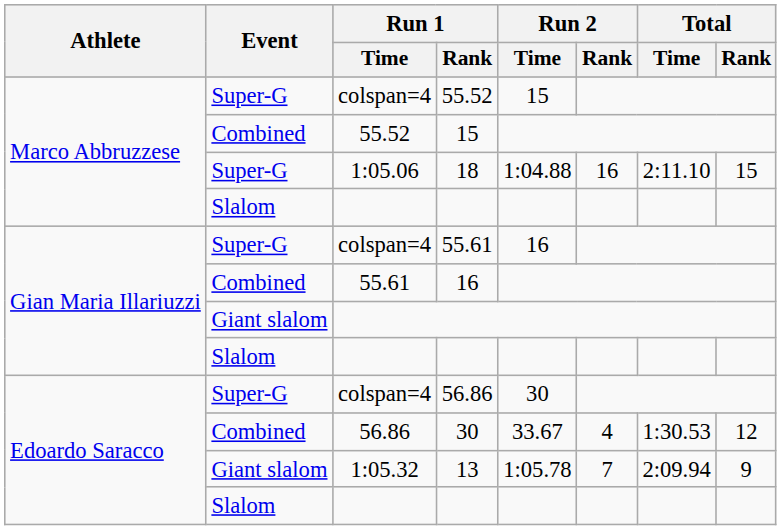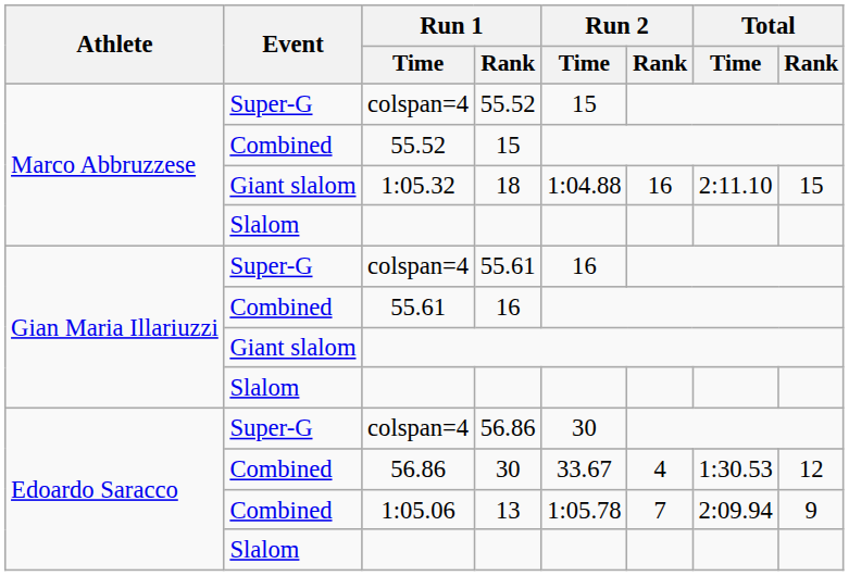 <table class="wikitable" style="font-size:90%">
 <tr>
 <th rowspan=2>Athlete</th>
 <th rowspan=2>Event</th>
 <th colspan=2>Run 1</th>
 <th colspan=2>Run 2</th>
 <th colspan=2>Total</th>
 </tr>
 <tr style="font-size:95%">
 <th>Time</th>
 <th>Rank</th>
 <th>Time</th>
 <th>Rank</th>
 <th>Time</th>
 <th>Rank</th>
 </tr>
 <tr align=center>
 <td align="left" rowspan="4"><a href='#'>Marco Abbruzzese</a></td>
 <td align="left"><a href='#'>Super-G</a></td>
 <td>colspan=4</td>
 <td>55.52</td>
 <td>15</td>
 </tr>
 <tr align=center>
 <td align="left"><a href='#'>Combined</a></td>
 <td>55.52</td>
 <td>15</td>
 <td colspan=4></td>
 </tr>
 <tr align=center>
-<td align="left"><a href='#'>Super-G</a></td>
-<td>1:05.06</td>
+<td align="left"><a href='#'>Giant slalom</a></td>
+<td>1:05.32</td>
 <td>18</td>
 <td>1:04.88</td>
 <td>16</td>
 <td>2:11.10</td>
 <td>15</td>
 </tr>
 <tr align=center>
 <td align="left"><a href='#'>Slalom</a></td>
 <td></td>
 <td></td>
 <td></td>
 <td></td>
 <td></td>
 <td></td>
 </tr>
 <tr align=center>
 <td align="left" rowspan="4"><a href='#'>Gian Maria Illariuzzi</a></td>
 <td align="left"><a href='#'>Super-G</a></td>
 <td>colspan=4</td>
 <td>55.61</td>
 <td>16</td>
 </tr>
 <tr align=center>
 <td align="left"><a href='#'>Combined</a></td>
 <td>55.61</td>
 <td>16</td>
 <td colspan=4></td>
 </tr>
 <tr align=center>
 <td align="left"><a href='#'>Giant slalom</a></td>
 <td colspan=6></td>
 </tr>
 <tr align=center>
 <td align="left"><a href='#'>Slalom</a></td>
 <td></td>
 <td></td>
 <td></td>
 <td></td>
 <td></td>
 <td></td>
 </tr>
 <tr align=center>
 <td align="left" rowspan="4"><a href='#'>Edoardo Saracco</a></td>
 <td align="left"><a href='#'>Super-G</a></td>
 <td>colspan=4</td>
 <td>56.86</td>
 <td>30</td>
 </tr>
 <tr align=center>
 <td align="left"><a href='#'>Combined</a></td>
 <td>56.86</td>
 <td>30</td>
 <td>33.67</td>
 <td>4</td>
 <td>1:30.53</td>
 <td>12</td>
 </tr>
 <tr align=center>
-<td align="left"><a href='#'>Giant slalom</a></td>
-<td>1:05.32</td>
+<td align="left"><a href='#'>Combined</a></td>
+<td>1:05.06</td>
 <td>13</td>
 <td>1:05.78</td>
 <td>7</td>
 <td>2:09.94</td>
 <td>9</td>
 </tr>
 <tr align=center>
 <td align="left"><a href='#'>Slalom</a></td>
 <td></td>
 <td></td>
 <td></td>
 <td></td>
 <td></td>
 <td></td>
 </tr>
 </table>
